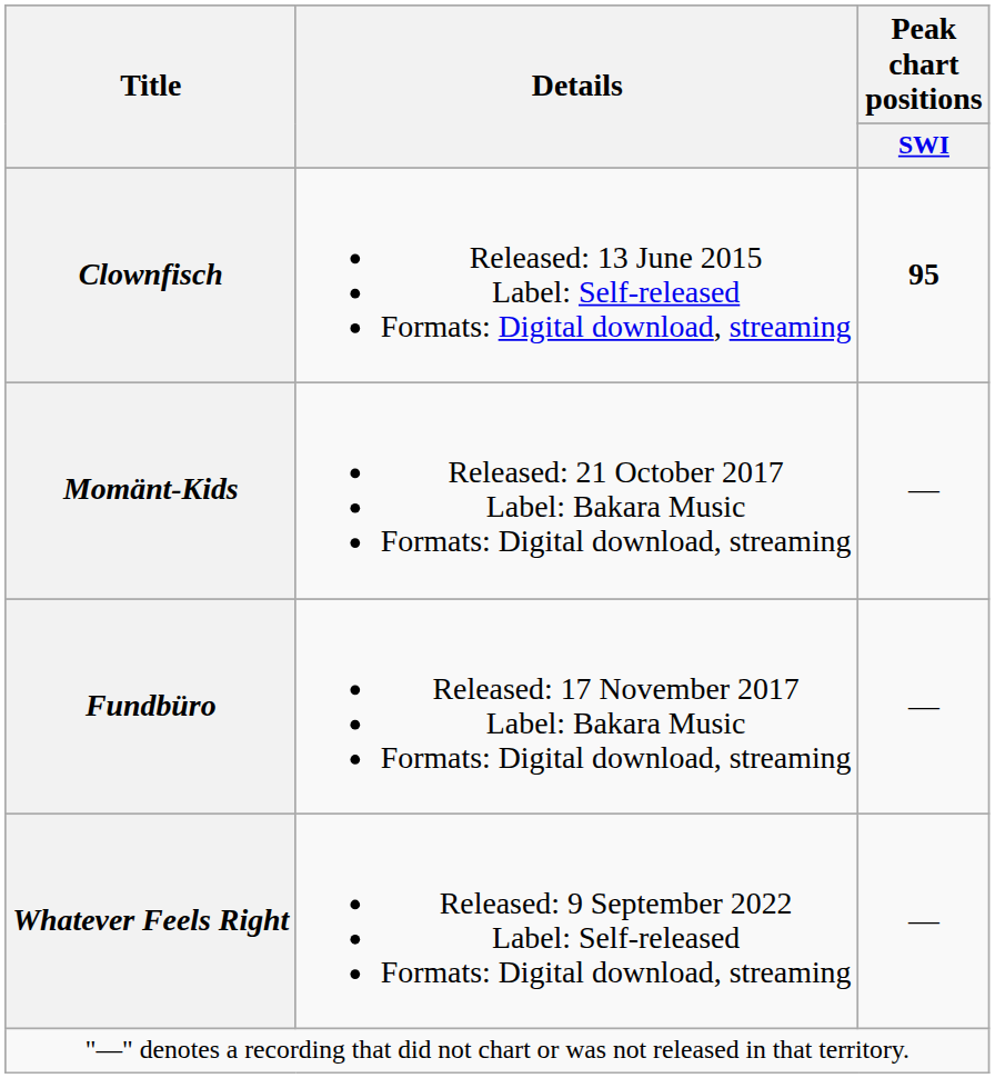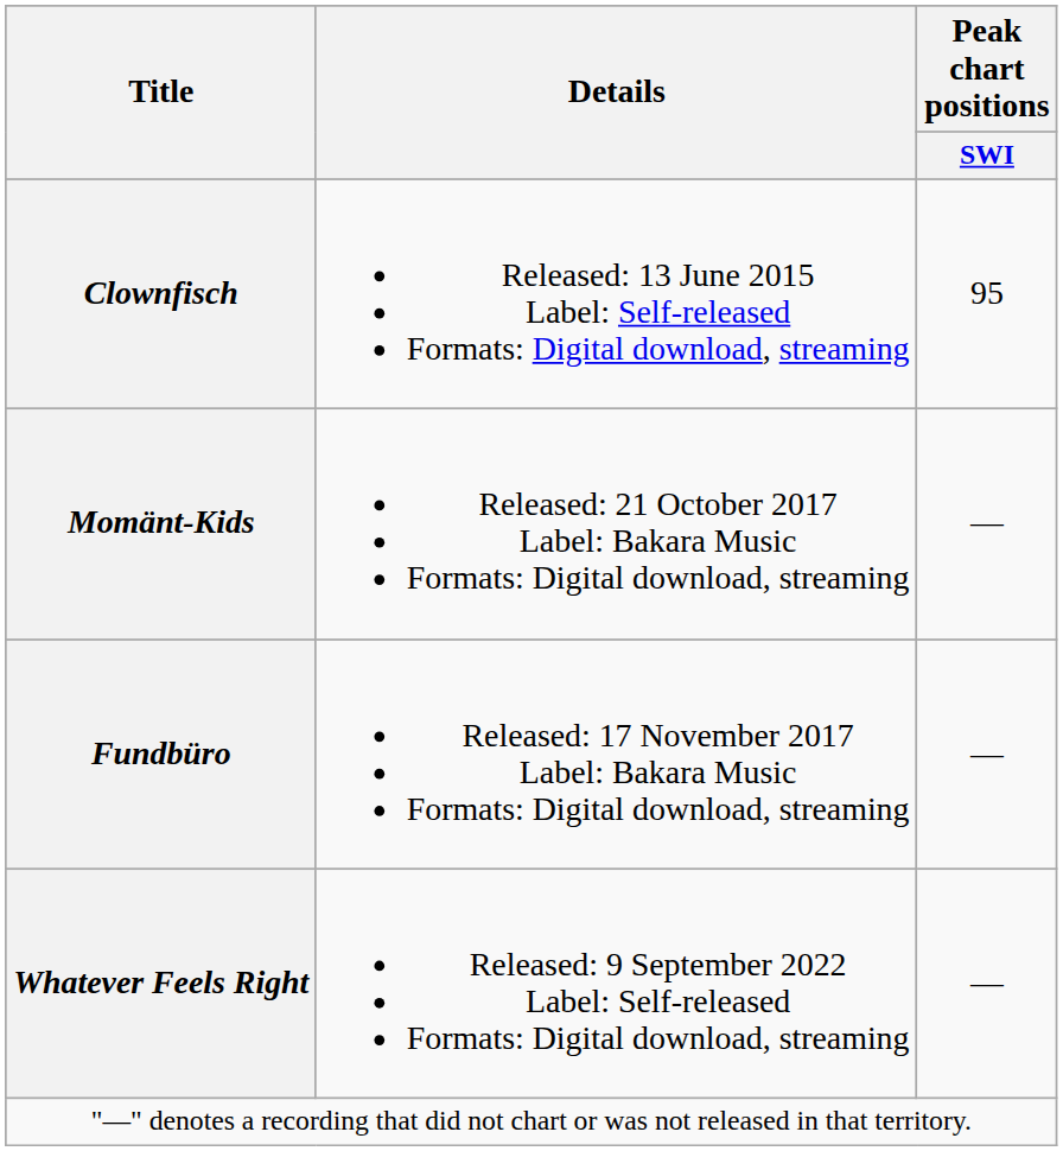 <table class="wikitable plainrowheaders" style="text-align:center;" border="1">
 <tr>
 <th scope="col" rowspan="2">Title</th>
 <th scope="col" rowspan="2">Details</th>
 <th scope="col">Peak chart positions</th>
 </tr>
 <tr>
 <th scope="col" style="width:3em;font-size:85%;"><a href='#'>SWI</a><br></th>
 </tr>
 <tr>
 <th scope="row"><em>Clownfisch</em></th>
 <td><br><ul><li>Released: 13 June 2015</li><li>Label: <a href='#'>Self-released</a></li><li>Formats: <a href='#'>Digital download</a>, <a href='#'>streaming</a></li></ul></td>
-<td><strong>95</strong></td>
+<td>95</td>
 </tr>
 <tr>
 <th scope="row"><em>Momänt-Kids</em></th>
 <td><br><ul><li>Released: 21 October 2017</li><li>Label: Bakara Music</li><li>Formats: Digital download, streaming</li></ul></td>
 <td>—</td>
 </tr>
 <tr>
 <th scope="row"><em>Fundbüro</em></th>
 <td><br><ul><li>Released: 17 November 2017</li><li>Label: Bakara Music</li><li>Formats: Digital download, streaming</li></ul></td>
 <td>—</td>
 </tr>
 <tr>
 <th scope="row"><em>Whatever Feels Right</em></th>
 <td><br><ul><li>Released: 9 September 2022</li><li>Label: Self-released</li><li>Formats: Digital download, streaming</li></ul></td>
 <td>—</td>
 </tr>
 <tr>
 <td colspan="4" style="font-size:85%">"—" denotes a recording that did not chart or was not released in that territory.</td>
 </tr>
 </table>
